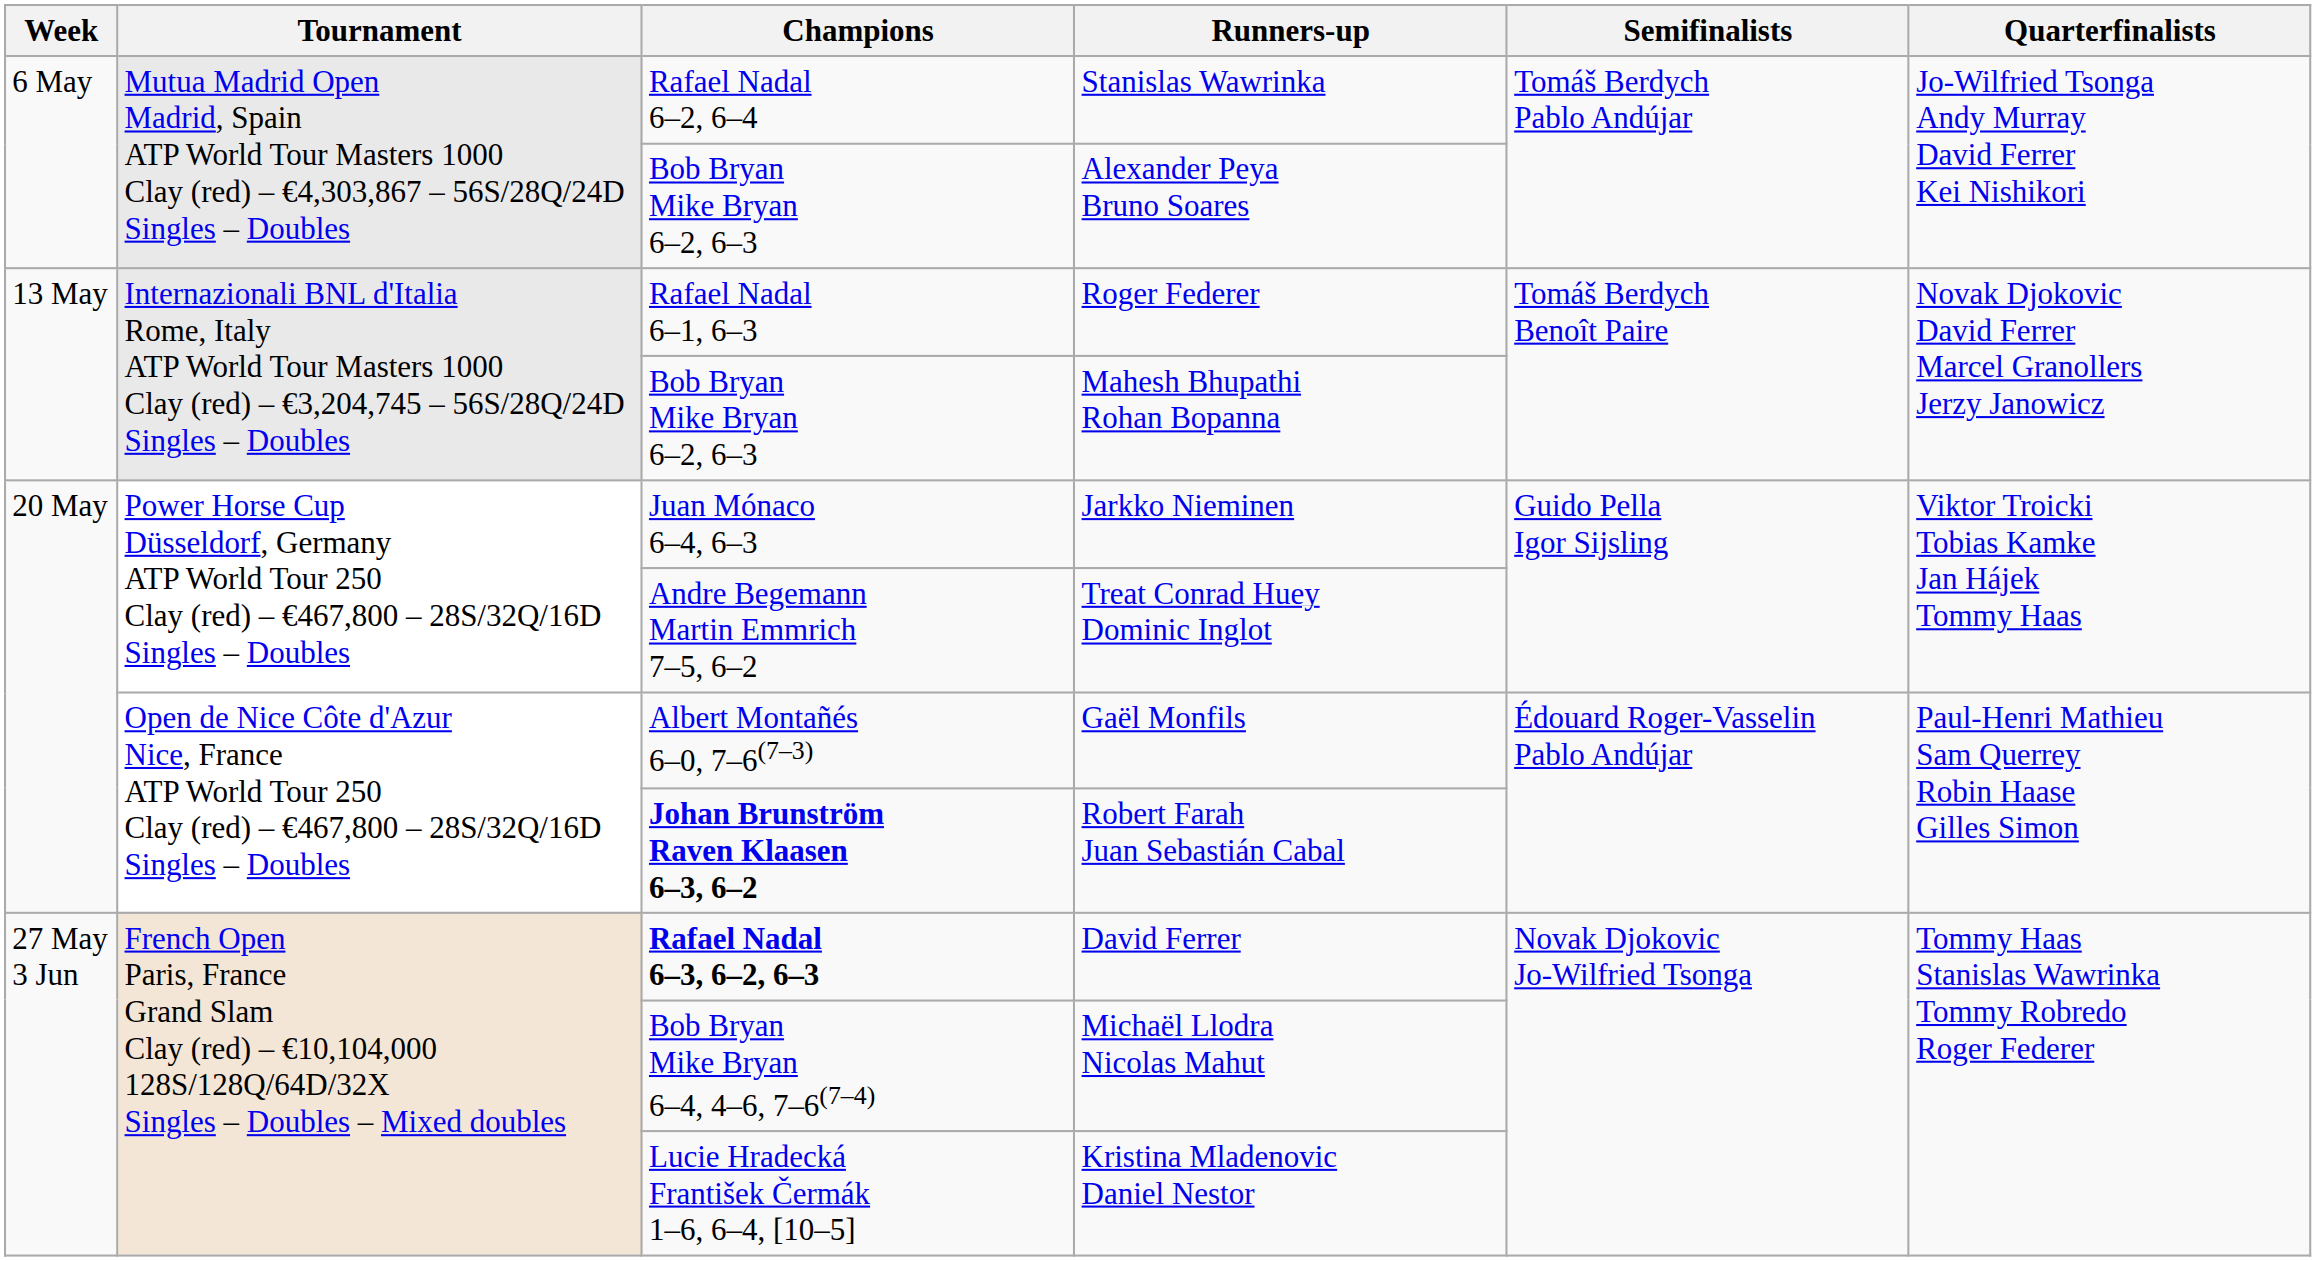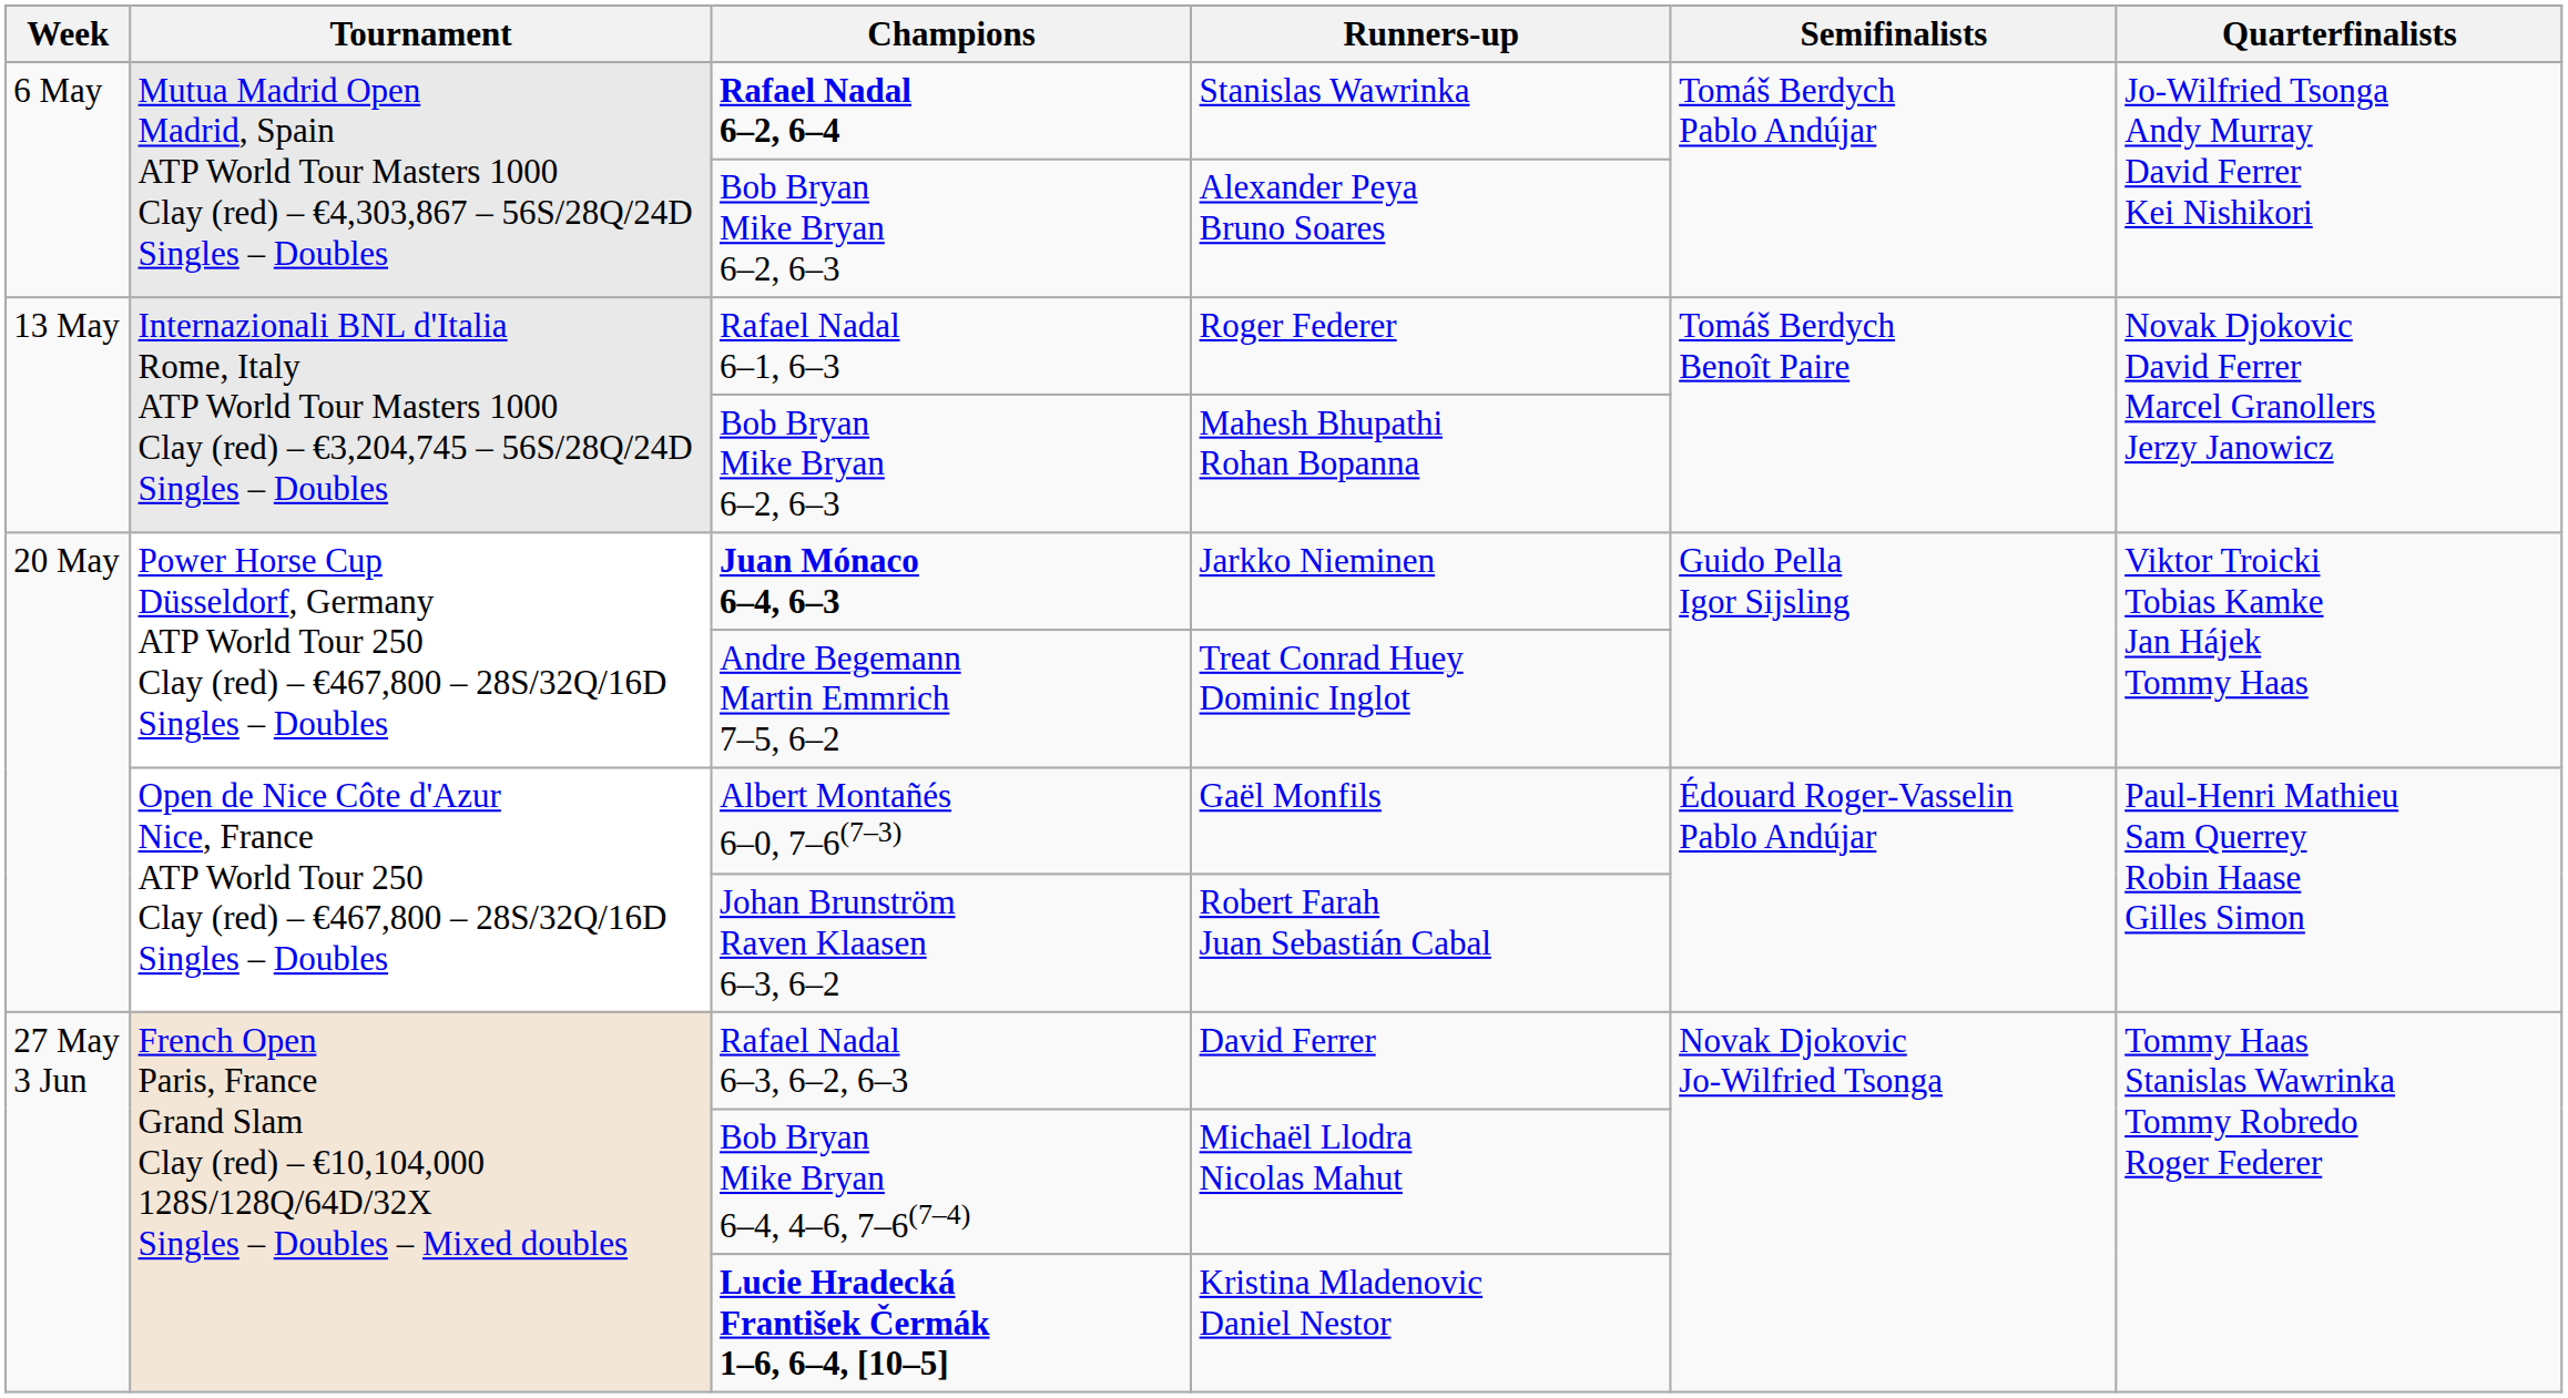 <table class=wikitable style=font-size:95%>
 <tr>
 <th style="width:48px;">Week</th>
 <th style="width:250px;">Tournament</th>
 <th style="width:205px;">Champions</th>
 <th style="width:205px;">Runners-up</th>
 <th style="width:190px;">Semifinalists</th>
 <th style="width:190px;">Quarterfinalists</th>
 </tr>
 <tr valign="top">
 <td rowspan="2">6 May</td>
 <td bgcolor="#E9E9E9" rowspan="2"><a href='#'>Mutua Madrid Open</a><br>  <a href='#'>Madrid</a>, Spain<br>ATP World Tour Masters 1000<br>Clay (red) – €4,303,867 – 56S/28Q/24D<br> <a href='#'>Singles</a> – <a href='#'>Doubles</a></td>
-<td> <a href='#'>Rafael Nadal</a><br>6–2, 6–4</td>
+<td><strong> <a href='#'>Rafael Nadal</a><br>6–2, 6–4</strong></td>
 <td> <a href='#'>Stanislas Wawrinka</a></td>
 <td rowspan="2"> <a href='#'>Tomáš Berdych</a><br> <a href='#'>Pablo Andújar</a></td>
 <td rowspan="2"> <a href='#'>Jo-Wilfried Tsonga</a><br> <a href='#'>Andy Murray</a><br>  <a href='#'>David Ferrer</a><br>  <a href='#'>Kei Nishikori</a></td>
 </tr>
 <tr valign="top">
 <td> <a href='#'>Bob Bryan</a> <br>  <a href='#'>Mike Bryan</a><br>6–2, 6–3</td>
 <td> <a href='#'>Alexander Peya</a> <br>  <a href='#'>Bruno Soares</a></td>
 </tr>
 <tr valign="top">
 <td rowspan="2">13 May</td>
 <td bgcolor="#E9E9E9" rowspan="2"><a href='#'>Internazionali BNL d'Italia</a><br>  Rome, Italy<br>ATP World Tour Masters 1000<br>Clay (red) – €3,204,745 – 56S/28Q/24D<br> <a href='#'>Singles</a> – <a href='#'>Doubles</a></td>
 <td> <a href='#'>Rafael Nadal</a><br>6–1, 6–3</td>
 <td> <a href='#'>Roger Federer</a></td>
 <td rowspan="2"> <a href='#'>Tomáš Berdych</a><br> <a href='#'>Benoît Paire</a></td>
 <td rowspan="2"> <a href='#'>Novak Djokovic</a><br> <a href='#'>David Ferrer</a><br>  <a href='#'>Marcel Granollers</a><br> <a href='#'>Jerzy Janowicz</a></td>
 </tr>
 <tr valign="top">
 <td> <a href='#'>Bob Bryan</a><br> <a href='#'>Mike Bryan</a><br>6–2, 6–3</td>
 <td> <a href='#'>Mahesh Bhupathi</a><br> <a href='#'>Rohan Bopanna</a></td>
 </tr>
 <tr valign="top">
 <td rowspan="4">20 May</td>
 <td bgcolor="#ffffff" rowspan="2"><a href='#'>Power Horse Cup</a><br>  <a href='#'>Düsseldorf</a>, Germany<br>ATP World Tour 250<br>Clay (red) – €467,800 – 28S/32Q/16D<br> <a href='#'>Singles</a> – <a href='#'>Doubles</a></td>
-<td> <a href='#'>Juan Mónaco</a><br>6–4, 6–3</td>
+<td><strong> <a href='#'>Juan Mónaco</a><br>6–4, 6–3</strong></td>
 <td> <a href='#'>Jarkko Nieminen</a></td>
 <td rowspan="2"> <a href='#'>Guido Pella</a><br> <a href='#'>Igor Sijsling</a></td>
 <td rowspan="2"> <a href='#'>Viktor Troicki</a><br> <a href='#'>Tobias Kamke</a><br>  <a href='#'>Jan Hájek</a><br> <a href='#'>Tommy Haas</a></td>
 </tr>
 <tr valign="top">
 <td> <a href='#'>Andre Begemann</a> <br>  <a href='#'>Martin Emmrich</a> <br>7–5, 6–2</td>
 <td> <a href='#'>Treat Conrad Huey</a> <br>  <a href='#'>Dominic Inglot</a></td>
 </tr>
 <tr valign="top">
 <td bgcolor="#ffffff" rowspan="2"><a href='#'>Open de Nice Côte d'Azur</a><br>  <a href='#'>Nice</a>, France<br>ATP World Tour 250<br>Clay (red) – €467,800 – 28S/32Q/16D<br> <a href='#'>Singles</a> – <a href='#'>Doubles</a></td>
 <td> <a href='#'>Albert Montañés</a><br> 6–0, 7–6<sup>(7–3)</sup></td>
 <td> <a href='#'>Gaël Monfils</a></td>
 <td rowspan="2"> <a href='#'>Édouard Roger-Vasselin</a><br>  <a href='#'>Pablo Andújar</a></td>
 <td rowspan="2"> <a href='#'>Paul-Henri Mathieu</a><br> <a href='#'>Sam Querrey</a><br> <a href='#'>Robin Haase</a><br> <a href='#'>Gilles Simon</a></td>
 </tr>
 <tr valign="top">
-<td><strong> <a href='#'>Johan Brunström</a><br> <a href='#'>Raven Klaasen</a><br>6–3, 6–2</strong></td>
+<td> <a href='#'>Johan Brunström</a><br> <a href='#'>Raven Klaasen</a><br>6–3, 6–2</td>
 <td> <a href='#'>Robert Farah</a><br> <a href='#'>Juan Sebastián Cabal</a></td>
 </tr>
 <tr valign="top">
 <td rowspan="3">27 May<br>3 Jun</td>
 <td rowspan="3" bgcolor="#F3E6D7"><a href='#'>French Open</a><br>  Paris, France<br>Grand Slam<br>Clay (red) – €10,104,000<br>128S/128Q/64D/32X<br><a href='#'>Singles</a> – <a href='#'>Doubles</a> – <a href='#'>Mixed doubles</a></td>
-<td><strong> <a href='#'>Rafael Nadal</a><br>6–3, 6–2, 6–3</strong></td>
+<td> <a href='#'>Rafael Nadal</a><br>6–3, 6–2, 6–3</td>
 <td> <a href='#'>David Ferrer</a></td>
 <td rowspan="3"> <a href='#'>Novak Djokovic</a> <br> <a href='#'>Jo-Wilfried Tsonga</a></td>
 <td rowspan="3"> <a href='#'>Tommy Haas</a><br>  <a href='#'>Stanislas Wawrinka</a> <br>  <a href='#'>Tommy Robredo</a> <br>  <a href='#'>Roger Federer</a></td>
 </tr>
 <tr valign="top">
 <td> <a href='#'>Bob Bryan</a><br> <a href='#'>Mike Bryan</a><br>6–4, 4–6, 7–6<sup>(7–4)</sup></td>
 <td> <a href='#'>Michaël Llodra</a><br> <a href='#'>Nicolas Mahut</a></td>
 </tr>
 <tr valign="top">
-<td> <a href='#'>Lucie Hradecká</a><br> <a href='#'>František Čermák</a><br>1–6, 6–4, [10–5]</td>
+<td><strong> <a href='#'>Lucie Hradecká</a><br> <a href='#'>František Čermák</a><br>1–6, 6–4, [10–5]</strong></td>
 <td> <a href='#'>Kristina Mladenovic</a><br> <a href='#'>Daniel Nestor</a></td>
 </tr>
 </table>
